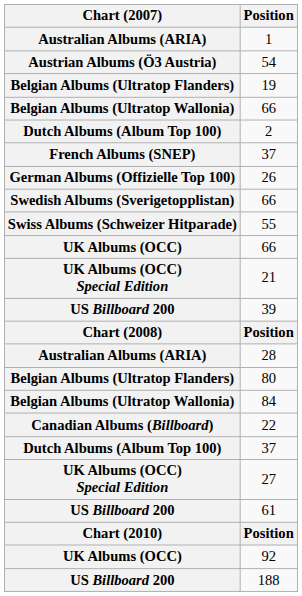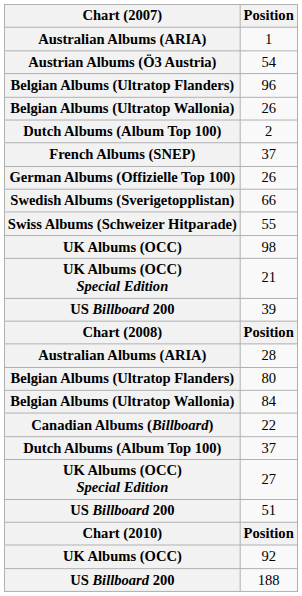 <table class="wikitable plainrowheaders" style="text-align:center">
 <tr>
 <th scope="col">Chart (2007)</th>
 <th scope="col">Position</th>
 </tr>
 <tr>
 <th scope="row">Australian Albums (ARIA)</th>
 <td>1</td>
 </tr>
 <tr>
 <th scope="row">Austrian Albums (Ö3 Austria)</th>
 <td>54</td>
 </tr>
 <tr>
 <th scope="row">Belgian Albums (Ultratop Flanders)</th>
-<td>19</td>
+<td>96</td>
 </tr>
 <tr>
 <th scope="row">Belgian Albums (Ultratop Wallonia)</th>
-<td>66</td>
+<td>26</td>
 </tr>
 <tr>
 <th scope="row">Dutch Albums (Album Top 100)</th>
 <td>2</td>
 </tr>
 <tr>
 <th scope="row">French Albums (SNEP)</th>
 <td>37</td>
 </tr>
 <tr>
 <th scope="row">German Albums (Offizielle Top 100)</th>
 <td>26</td>
 </tr>
 <tr>
 <th scope="row">Swedish Albums (Sverigetopplistan)</th>
 <td>66</td>
 </tr>
 <tr>
 <th scope="row">Swiss Albums (Schweizer Hitparade)</th>
 <td>55</td>
 </tr>
 <tr>
 <th scope="row">UK Albums (OCC)</th>
-<td>66</td>
+<td>98</td>
 </tr>
 <tr>
 <th scope="row">UK Albums (OCC)<br><em>Special Edition</em></th>
 <td>21</td>
 </tr>
 <tr>
 <th scope="row">US <em>Billboard</em> 200</th>
 <td>39</td>
 </tr>
 <tr>
 <th scope="col">Chart (2008)</th>
 <th scope="col">Position</th>
 </tr>
 <tr>
 <th scope="row">Australian Albums (ARIA)</th>
 <td>28</td>
 </tr>
 <tr>
 <th scope="row">Belgian Albums (Ultratop Flanders)</th>
 <td>80</td>
 </tr>
 <tr>
 <th scope="row">Belgian Albums (Ultratop Wallonia)</th>
 <td>84</td>
 </tr>
 <tr>
 <th scope="row">Canadian Albums (<em>Billboard</em>)</th>
 <td>22</td>
 </tr>
 <tr>
 <th scope="row">Dutch Albums (Album Top 100)</th>
 <td>37</td>
 </tr>
 <tr>
 <th scope="row">UK Albums (OCC)<br><em>Special Edition</em></th>
 <td>27</td>
 </tr>
 <tr>
 <th scope="row">US <em>Billboard</em> 200</th>
-<td>61</td>
+<td>51</td>
 </tr>
 <tr>
 <th scope="col">Chart (2010)</th>
 <th scope="col">Position</th>
 </tr>
 <tr>
 <th scope="row">UK Albums (OCC)</th>
 <td>92</td>
 </tr>
 <tr>
 <th scope="row">US <em>Billboard</em> 200</th>
 <td>188</td>
 </tr>
 </table>
